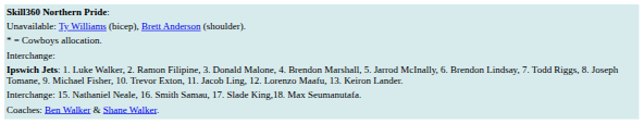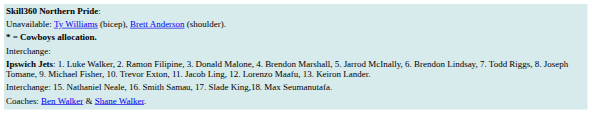 <table style="background:#d7ebed; font-size:85%; width:100%;">
 <tr>
 <td><strong>Skill360 Northern Pride</strong>:             </td>
 </tr>
 <tr>
 <td>Unavailable: <a href='#'>Ty Williams</a> (bicep), <a href='#'>Brett Anderson</a> (shoulder).</td>
 </tr>
 <tr>
-<td>* = Cowboys allocation.</td>
+<td><strong>* = Cowboys allocation.</strong></td>
 </tr>
 <tr>
 <td>Interchange:    </td>
 </tr>
 <tr>
 <td><strong>Ipswich Jets</strong>: 1. Luke Walker, 2. Ramon Filipine, 3. Donald Malone, 4. Brendon Marshall, 5. Jarrod McInally, 6. Brendon Lindsay, 7. Todd Riggs, 8. Joseph Tomane, 9. Michael Fisher, 10. Trevor Exton, 11. Jacob Ling, 12. Lorenzo Maafu, 13. Keiron Lander.</td>
 </tr>
 <tr>
 <td>Interchange: 15. Nathaniel Neale, 16. Smith Samau, 17. Slade King,18. Max Seumanutafa.</td>
 </tr>
 <tr>
 <td>Coaches: <a href='#'>Ben Walker</a> & <a href='#'>Shane Walker</a>.</td>
 </tr>
 <tr>
 </tr>
 </table>
